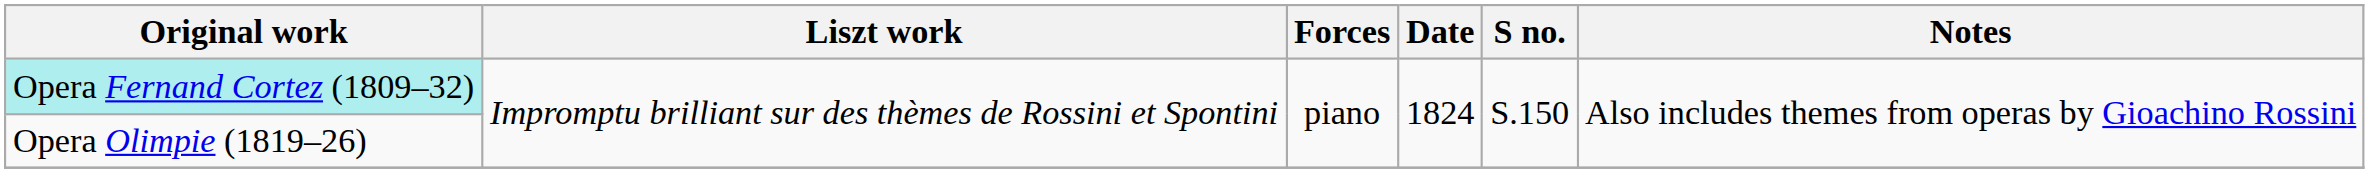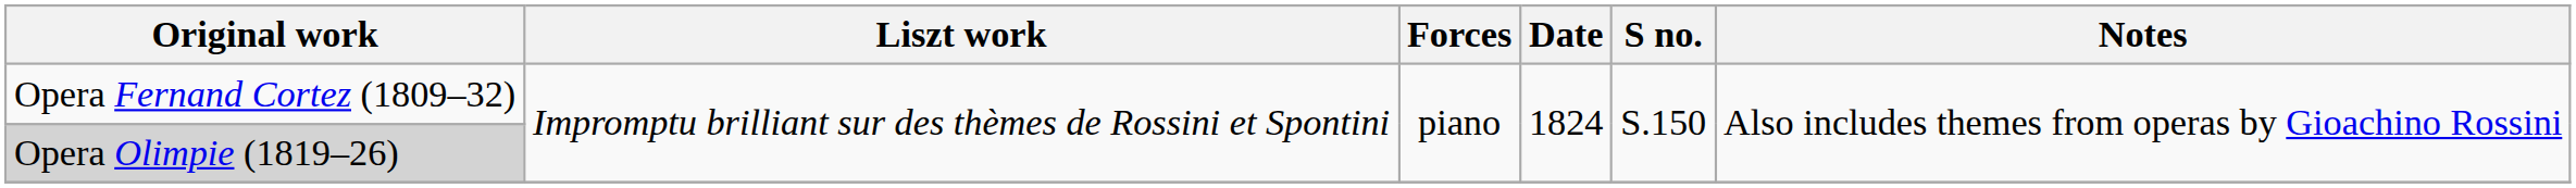 <table class="wikitable">
 <tr>
 <th>Original work</th>
 <th>Liszt work</th>
 <th>Forces</th>
 <th>Date</th>
 <th>S no.</th>
 <th>Notes</th>
 </tr>
 <tr>
-<td style="background: paleturquoise;">Opera <em><a href='#'>Fernand Cortez</a></em> (1809–32)</td>
+<td>Opera <em><a href='#'>Fernand Cortez</a></em> (1809–32)</td>
 <td rowspan=2><em>Impromptu brilliant sur des thèmes de Rossini et Spontini</em></td>
 <td rowspan=2 style="text-align: center">piano</td>
 <td rowspan=2>1824</td>
 <td rowspan=2>S.150</td>
 <td rowspan=2>Also includes themes from operas by <a href='#'>Gioachino Rossini</a></td>
 </tr>
 <tr>
-<td>Opera <em><a href='#'>Olimpie</a></em> (1819–26)</td>
+<td style="background: lightgrey;">Opera <em><a href='#'>Olimpie</a></em> (1819–26)</td>
 </tr>
 <tr>
 </tr>
 </table>
